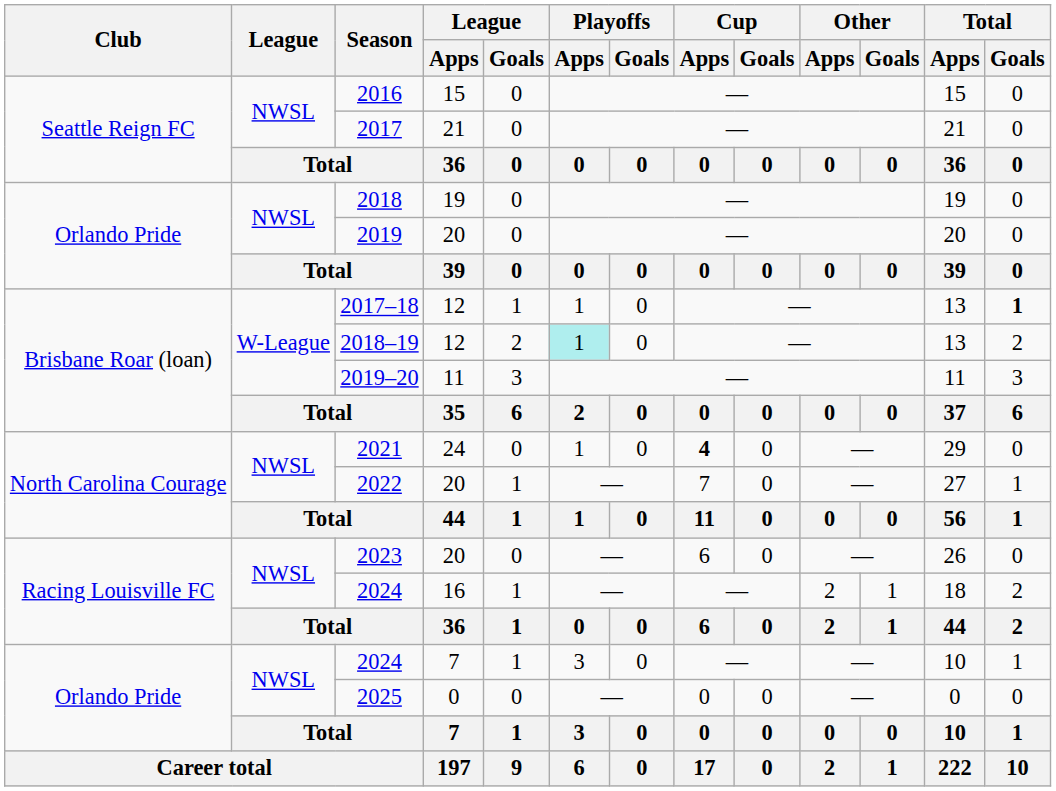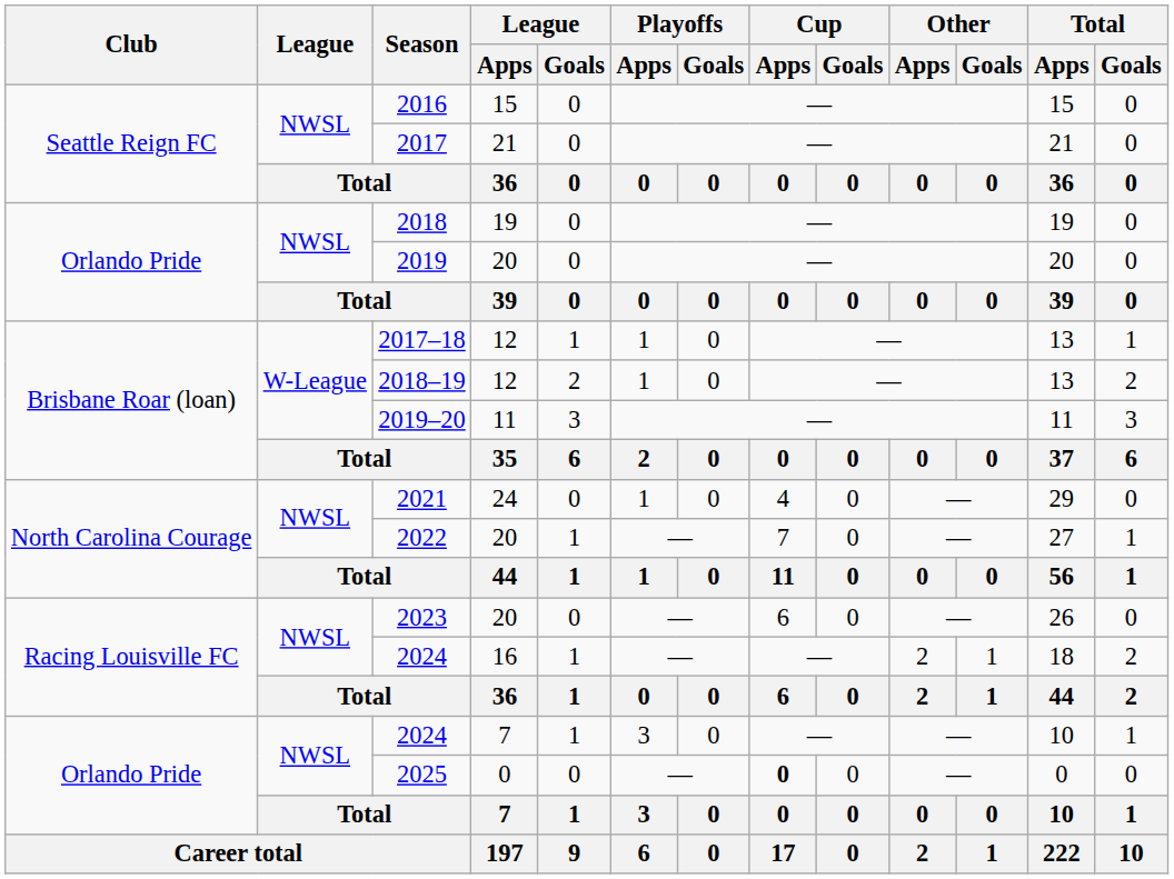 <table class="wikitable" style="text-align: center;">
 <tr>
 <th rowspan="2">Club</th>
 <th rowspan="2">League</th>
 <th rowspan="2">Season</th>
 <th colspan="2">League</th>
 <th colspan="2">Playoffs</th>
 <th colspan="2">Cup</th>
 <th colspan="2">Other</th>
 <th colspan="2">Total</th>
 </tr>
 <tr>
 <th>Apps</th>
 <th>Goals</th>
 <th>Apps</th>
 <th>Goals</th>
 <th>Apps</th>
 <th>Goals</th>
 <th>Apps</th>
 <th>Goals</th>
 <th>Apps</th>
 <th>Goals</th>
 </tr>
 <tr>
 <td rowspan="3"><a href='#'>Seattle Reign FC</a></td>
 <td rowspan="2"><a href='#'>NWSL</a></td>
 <td><a href='#'>2016</a></td>
 <td>15</td>
 <td>0</td>
 <td colspan="6">—</td>
 <td>15</td>
 <td>0</td>
 </tr>
 <tr>
 <td><a href='#'>2017</a></td>
 <td>21</td>
 <td>0</td>
 <td colspan="6">—</td>
 <td>21</td>
 <td>0</td>
 </tr>
 <tr>
 <th colspan="2">Total</th>
 <th>36</th>
 <th>0</th>
 <th>0</th>
 <th>0</th>
 <th>0</th>
 <th>0</th>
 <th>0</th>
 <th>0</th>
 <th>36</th>
 <th>0</th>
 </tr>
 <tr>
 <td rowspan="3"><a href='#'>Orlando Pride</a></td>
 <td rowspan="2"><a href='#'>NWSL</a></td>
 <td><a href='#'>2018</a></td>
 <td>19</td>
 <td>0</td>
 <td colspan="6">—</td>
 <td>19</td>
 <td>0</td>
 </tr>
 <tr>
 <td><a href='#'>2019</a></td>
 <td>20</td>
 <td>0</td>
 <td colspan="6">—</td>
 <td>20</td>
 <td>0</td>
 </tr>
 <tr>
 <th colspan="2">Total</th>
 <th>39</th>
 <th>0</th>
 <th>0</th>
 <th>0</th>
 <th>0</th>
 <th>0</th>
 <th>0</th>
 <th>0</th>
 <th>39</th>
 <th>0</th>
 </tr>
 <tr>
 <td rowspan="4"><a href='#'>Brisbane Roar</a> (loan)</td>
 <td rowspan="3"><a href='#'>W-League</a></td>
 <td><a href='#'>2017–18</a></td>
 <td>12</td>
 <td>1</td>
 <td>1</td>
 <td>0</td>
 <td colspan="4">—</td>
 <td>13</td>
-<td><strong>1</strong></td>
+<td>1</td>
 </tr>
 <tr>
 <td><a href='#'>2018–19</a></td>
 <td>12</td>
 <td>2</td>
-<td style="background: paleturquoise;">1</td>
+<td>1</td>
 <td>0</td>
 <td colspan="4">—</td>
 <td>13</td>
 <td>2</td>
 </tr>
 <tr>
 <td><a href='#'>2019–20</a></td>
 <td>11</td>
 <td>3</td>
 <td colspan="6">—</td>
 <td>11</td>
 <td>3</td>
 </tr>
 <tr>
 <th colspan="2">Total</th>
 <th>35</th>
 <th>6</th>
 <th>2</th>
 <th>0</th>
 <th>0</th>
 <th>0</th>
 <th>0</th>
 <th>0</th>
 <th>37</th>
 <th>6</th>
 </tr>
 <tr>
 <td rowspan="3"><a href='#'>North Carolina Courage</a></td>
 <td rowspan="2"><a href='#'>NWSL</a></td>
 <td><a href='#'>2021</a></td>
 <td>24</td>
 <td>0</td>
 <td>1</td>
 <td>0</td>
-<td><strong>4</strong></td>
+<td>4</td>
 <td>0</td>
 <td colspan="2">—</td>
 <td>29</td>
 <td>0</td>
 </tr>
 <tr>
 <td><a href='#'>2022</a></td>
 <td>20</td>
 <td>1</td>
 <td colspan="2">—</td>
 <td>7</td>
 <td>0</td>
 <td colspan="2">—</td>
 <td>27</td>
 <td>1</td>
 </tr>
 <tr>
 <th colspan="2">Total</th>
 <th>44</th>
 <th>1</th>
 <th>1</th>
 <th>0</th>
 <th>11</th>
 <th>0</th>
 <th>0</th>
 <th>0</th>
 <th>56</th>
 <th>1</th>
 </tr>
 <tr>
 <td rowspan="3"><a href='#'>Racing Louisville FC</a></td>
 <td rowspan="2"><a href='#'>NWSL</a></td>
 <td><a href='#'>2023</a></td>
 <td>20</td>
 <td>0</td>
 <td colspan="2">—</td>
 <td>6</td>
 <td>0</td>
 <td colspan="2">—</td>
 <td>26</td>
 <td>0</td>
 </tr>
 <tr>
 <td><a href='#'>2024</a></td>
 <td>16</td>
 <td>1</td>
 <td colspan="2">—</td>
 <td colspan="2">—</td>
 <td>2</td>
 <td>1</td>
 <td>18</td>
 <td>2</td>
 </tr>
 <tr>
 <th colspan="2">Total</th>
 <th>36</th>
 <th>1</th>
 <th>0</th>
 <th>0</th>
 <th>6</th>
 <th>0</th>
 <th>2</th>
 <th>1</th>
 <th>44</th>
 <th>2</th>
 </tr>
 <tr>
 <td rowspan="3"><a href='#'>Orlando Pride</a></td>
 <td rowspan="2"><a href='#'>NWSL</a></td>
 <td><a href='#'>2024</a></td>
 <td>7</td>
 <td>1</td>
 <td>3</td>
 <td>0</td>
 <td colspan="2">—</td>
 <td colspan="2">—</td>
 <td>10</td>
 <td>1</td>
 </tr>
 <tr>
 <td><a href='#'>2025</a></td>
 <td>0</td>
 <td>0</td>
 <td colspan="2">—</td>
-<td>0</td>
+<td><strong>0</strong></td>
 <td>0</td>
 <td colspan="2">—</td>
 <td>0</td>
 <td>0</td>
 </tr>
 <tr>
 <th colspan="2">Total</th>
 <th>7</th>
 <th>1</th>
 <th>3</th>
 <th>0</th>
 <th>0</th>
 <th>0</th>
 <th>0</th>
 <th>0</th>
 <th>10</th>
 <th>1</th>
 </tr>
 <tr>
 <th colspan="3">Career total</th>
 <th>197</th>
 <th>9</th>
 <th>6</th>
 <th>0</th>
 <th>17</th>
 <th>0</th>
 <th>2</th>
 <th>1</th>
 <th>222</th>
 <th>10</th>
 </tr>
 </table>
